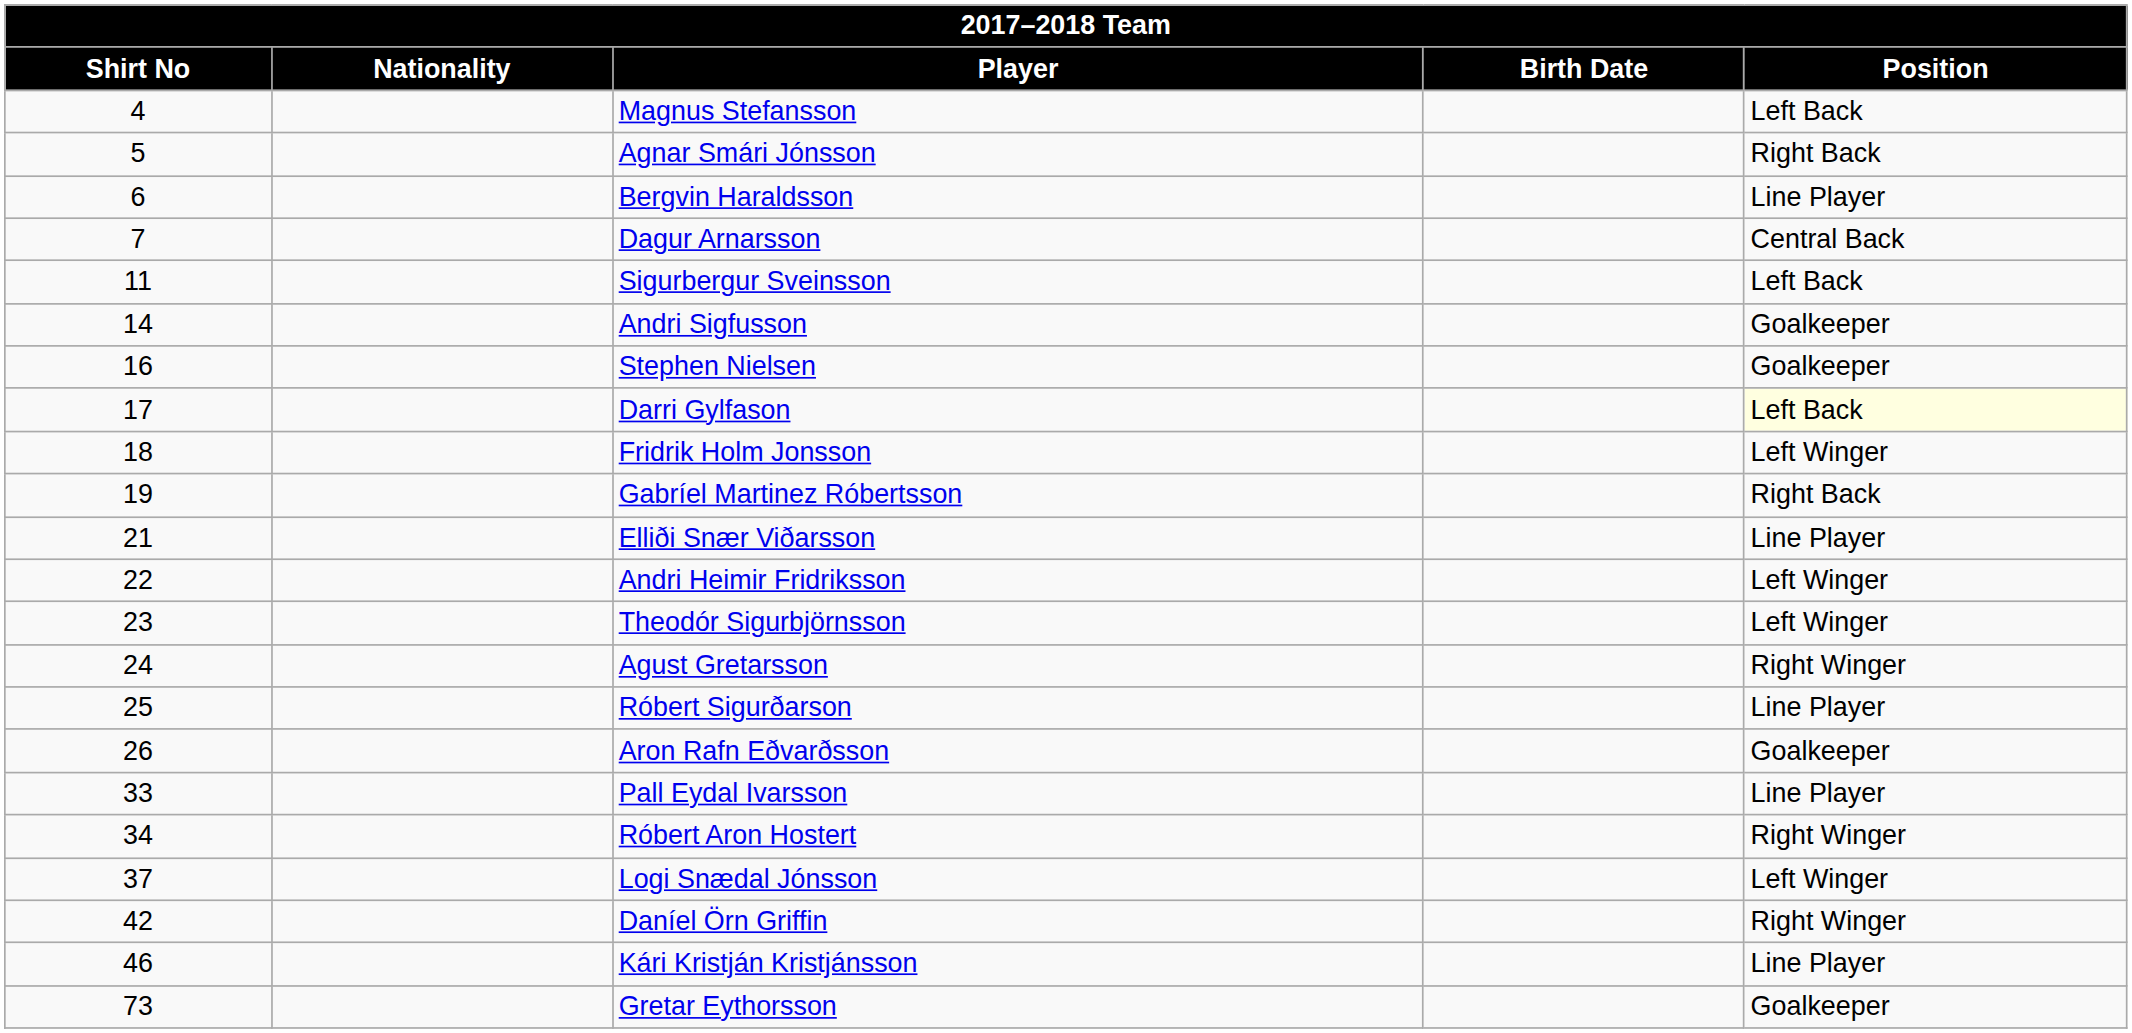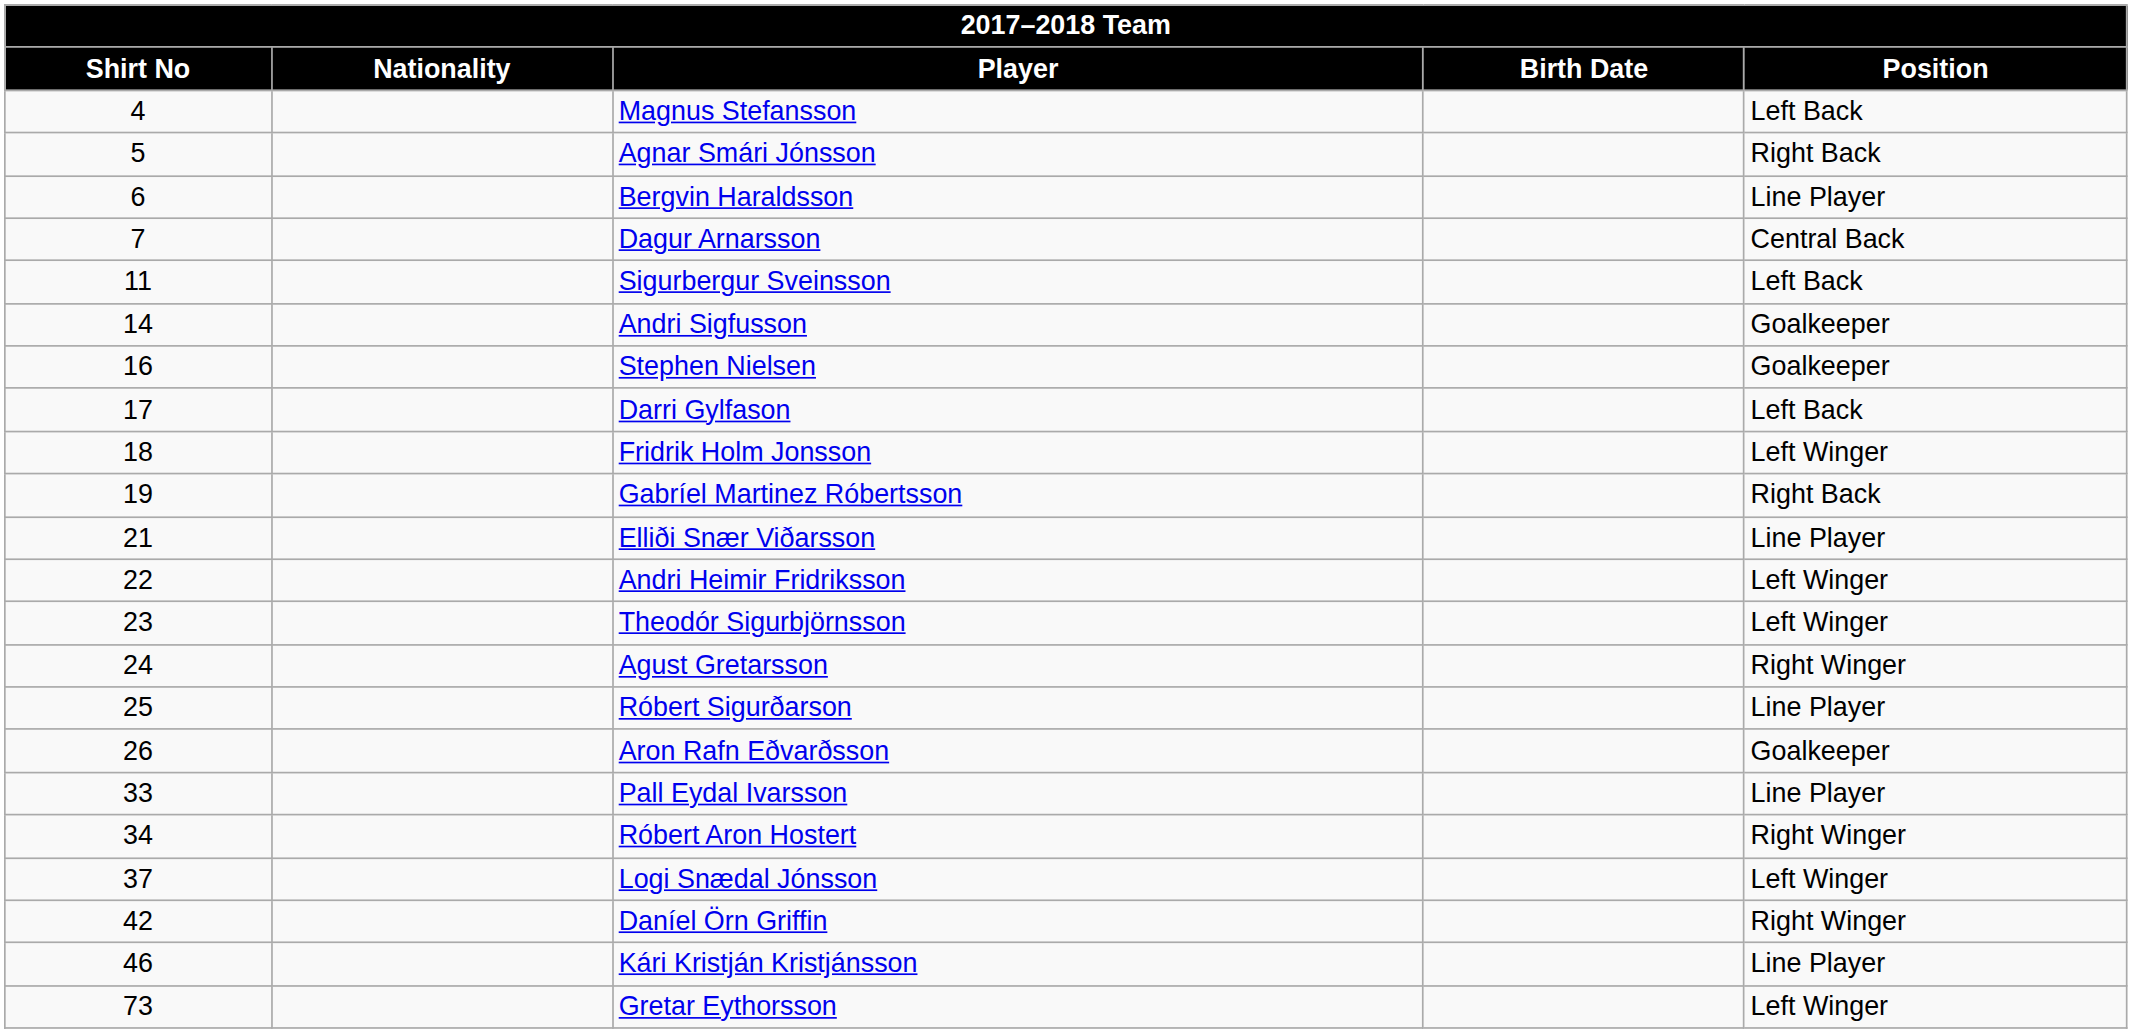 <table class="wikitable collapsible collapsed" style="width:100%">
 <tr>
 <th colspan=5 style="background-color:#000000;color:#FFFFFF;text-align:center;"><strong>2017–2018 Team</strong></th>
 </tr>
 <tr>
 <th style="color:#FFFFFF; background:#000000">Shirt No</th>
 <th style="color:#FFFFFF; background:#000000">Nationality</th>
 <th style="color:#FFFFFF; background:#000000">Player</th>
 <th style="color:#FFFFFF; background:#000000">Birth Date</th>
 <th style="color:#FFFFFF; background:#000000">Position</th>
 </tr>
 <tr>
 <td align=center>4</td>
 <td></td>
 <td><a href='#'>Magnus Stefansson</a></td>
 <td></td>
 <td>Left Back</td>
 </tr>
 <tr>
 <td align=center>5</td>
 <td></td>
 <td><a href='#'>Agnar Smári Jónsson</a></td>
 <td></td>
 <td>Right Back</td>
 </tr>
 <tr>
 <td align=center>6</td>
 <td></td>
 <td><a href='#'>Bergvin Haraldsson</a></td>
 <td></td>
 <td>Line Player</td>
 </tr>
 <tr>
 <td align=center>7</td>
 <td></td>
 <td><a href='#'>Dagur Arnarsson</a></td>
 <td></td>
 <td>Central Back</td>
 </tr>
 <tr>
 <td align=center>11</td>
 <td></td>
 <td><a href='#'>Sigurbergur Sveinsson</a></td>
 <td></td>
 <td>Left Back</td>
 </tr>
 <tr>
 <td align=center>14</td>
 <td></td>
 <td><a href='#'>Andri Sigfusson</a></td>
 <td></td>
 <td>Goalkeeper</td>
 </tr>
 <tr>
 <td align=center>16</td>
 <td></td>
 <td><a href='#'>Stephen Nielsen</a></td>
 <td></td>
 <td>Goalkeeper</td>
 </tr>
 <tr>
 <td align=center>17</td>
 <td></td>
 <td><a href='#'>Darri Gylfason</a></td>
 <td></td>
-<td style="background: lightyellow;">Left Back</td>
+<td>Left Back</td>
 </tr>
 <tr>
 <td align=center>18</td>
 <td></td>
 <td><a href='#'>Fridrik Holm Jonsson</a></td>
 <td></td>
 <td>Left Winger</td>
 </tr>
 <tr>
 <td align=center>19</td>
 <td></td>
 <td><a href='#'>Gabríel Martinez Róbertsson</a></td>
 <td></td>
 <td>Right Back</td>
 </tr>
 <tr>
 <td align=center>21</td>
 <td></td>
 <td><a href='#'>Elliði Snær Viðarsson</a></td>
 <td></td>
 <td>Line Player</td>
 </tr>
 <tr>
 <td align=center>22</td>
 <td></td>
 <td><a href='#'>Andri Heimir Fridriksson</a></td>
 <td></td>
 <td>Left Winger</td>
 </tr>
 <tr>
 <td align=center>23</td>
 <td></td>
 <td><a href='#'>Theodór Sigurbjörnsson</a></td>
 <td></td>
 <td>Left Winger</td>
 </tr>
 <tr>
 <td align=center>24</td>
 <td></td>
 <td><a href='#'>Agust Gretarsson</a></td>
 <td></td>
 <td>Right Winger</td>
 </tr>
 <tr>
 <td align=center>25</td>
 <td></td>
 <td><a href='#'>Róbert Sigurðarson</a></td>
 <td></td>
 <td>Line Player</td>
 </tr>
 <tr>
 <td align=center>26</td>
 <td></td>
 <td><a href='#'>Aron Rafn Eðvarðsson</a></td>
 <td></td>
 <td>Goalkeeper</td>
 </tr>
 <tr>
 <td align=center>33</td>
 <td></td>
 <td><a href='#'>Pall Eydal Ivarsson</a></td>
 <td></td>
 <td>Line Player</td>
 </tr>
 <tr>
 <td align=center>34</td>
 <td></td>
 <td><a href='#'>Róbert Aron Hostert</a></td>
 <td></td>
 <td>Right Winger</td>
 </tr>
 <tr>
 <td align=center>37</td>
 <td></td>
 <td><a href='#'>Logi Snædal Jónsson</a></td>
 <td></td>
 <td>Left Winger</td>
 </tr>
 <tr>
 <td align=center>42</td>
 <td></td>
 <td><a href='#'>Daníel Örn Griffin</a></td>
 <td></td>
 <td>Right Winger</td>
 </tr>
 <tr>
 <td align=center>46</td>
 <td></td>
 <td><a href='#'>Kári Kristján Kristjánsson</a></td>
 <td></td>
 <td>Line Player</td>
 </tr>
 <tr>
 <td align=center>73</td>
 <td></td>
 <td><a href='#'>Gretar Eythorsson</a></td>
 <td></td>
-<td>Goalkeeper</td>
+<td>Left Winger</td>
 </tr>
 </table>
